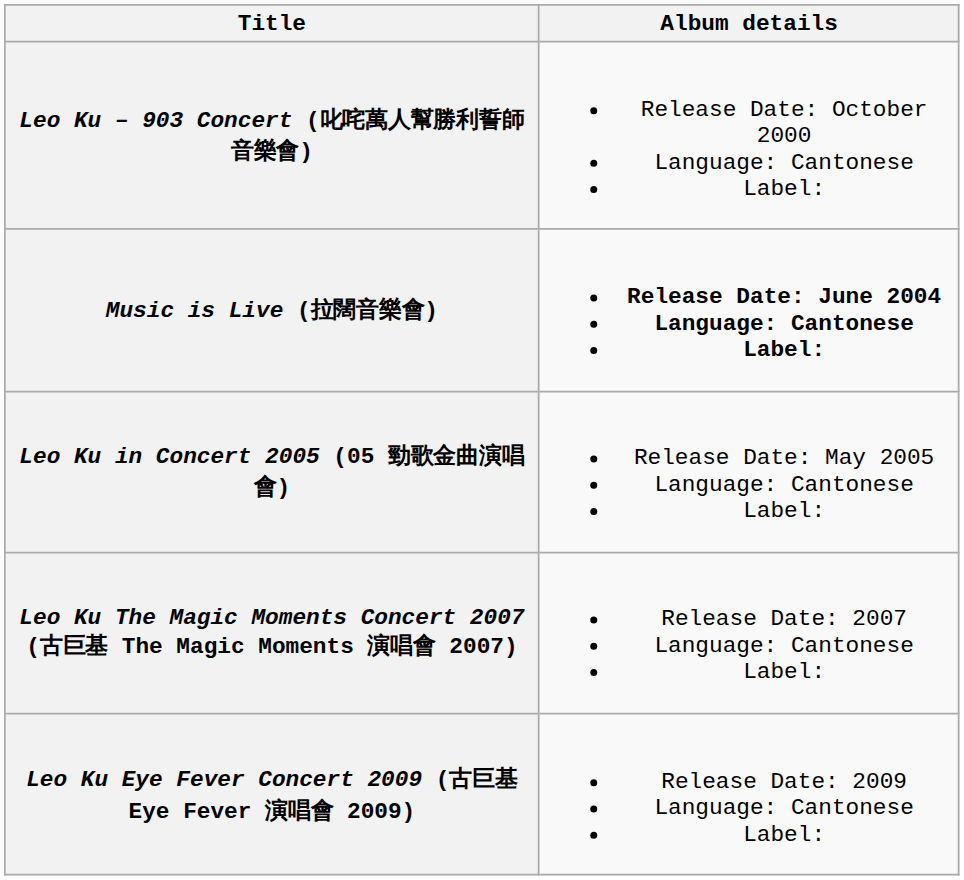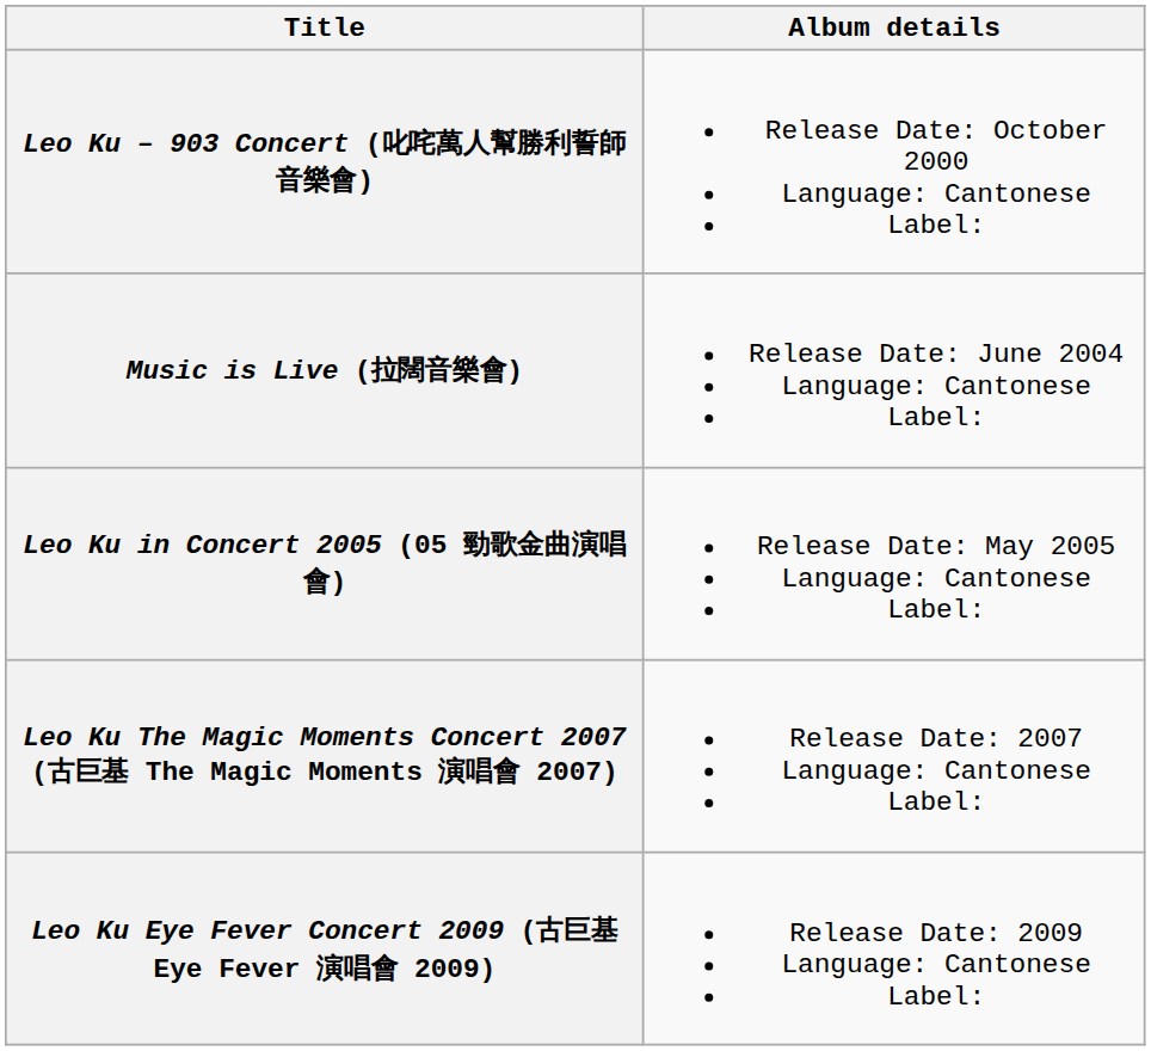 <table class="wikitable plainrowheaders" style="text-align:center;" border="1">
 <tr>
 <th scope="col" style="width:23em;">Title</th>
 <th scope="col" style="width:18em;">Album details</th>
 </tr>
 <tr>
 <th scope="row"><em>Leo Ku – 903 Concert</em> (叱咤萬人幫勝利誓師音樂會)</th>
 <td><br><ul><li>Release Date: October 2000</li><li>Language: Cantonese</li><li>Label:</li></ul></td>
 </tr>
 <tr>
 <th scope="row"><em>Music is Live</em> (拉闊音樂會)</th>
-<td><strong><br><ul><li>Release Date: June 2004</li><li>Language: Cantonese</li><li>Label:</li></ul></strong></td>
+<td><br><ul><li>Release Date: June 2004</li><li>Language: Cantonese</li><li>Label:</li></ul></td>
 </tr>
 <tr>
 <th scope="row"><em>Leo Ku in Concert 2005</em> (05 勁歌金曲演唱會)</th>
 <td><br><ul><li>Release Date: May 2005</li><li>Language: Cantonese</li><li>Label:</li></ul></td>
 </tr>
 <tr>
 <th scope="row"><em>Leo Ku The Magic Moments Concert 2007</em> (古巨基 The Magic Moments 演唱會 2007)</th>
 <td><br><ul><li>Release Date: 2007</li><li>Language: Cantonese</li><li>Label:</li></ul></td>
 </tr>
 <tr>
 <th scope="row"><em>Leo Ku Eye Fever Concert 2009</em> (古巨基 Eye Fever 演唱會 2009)</th>
 <td><br><ul><li>Release Date: 2009</li><li>Language: Cantonese</li><li>Label:</li></ul></td>
 </tr>
 </table>
